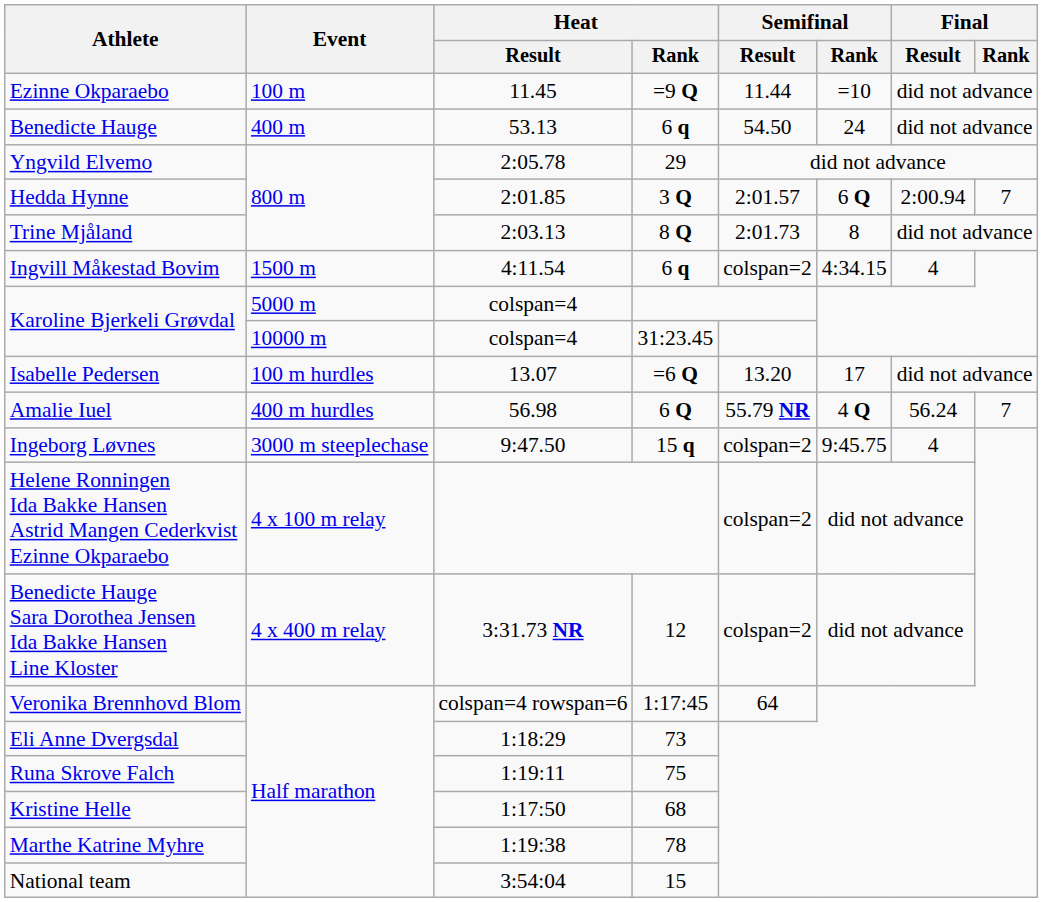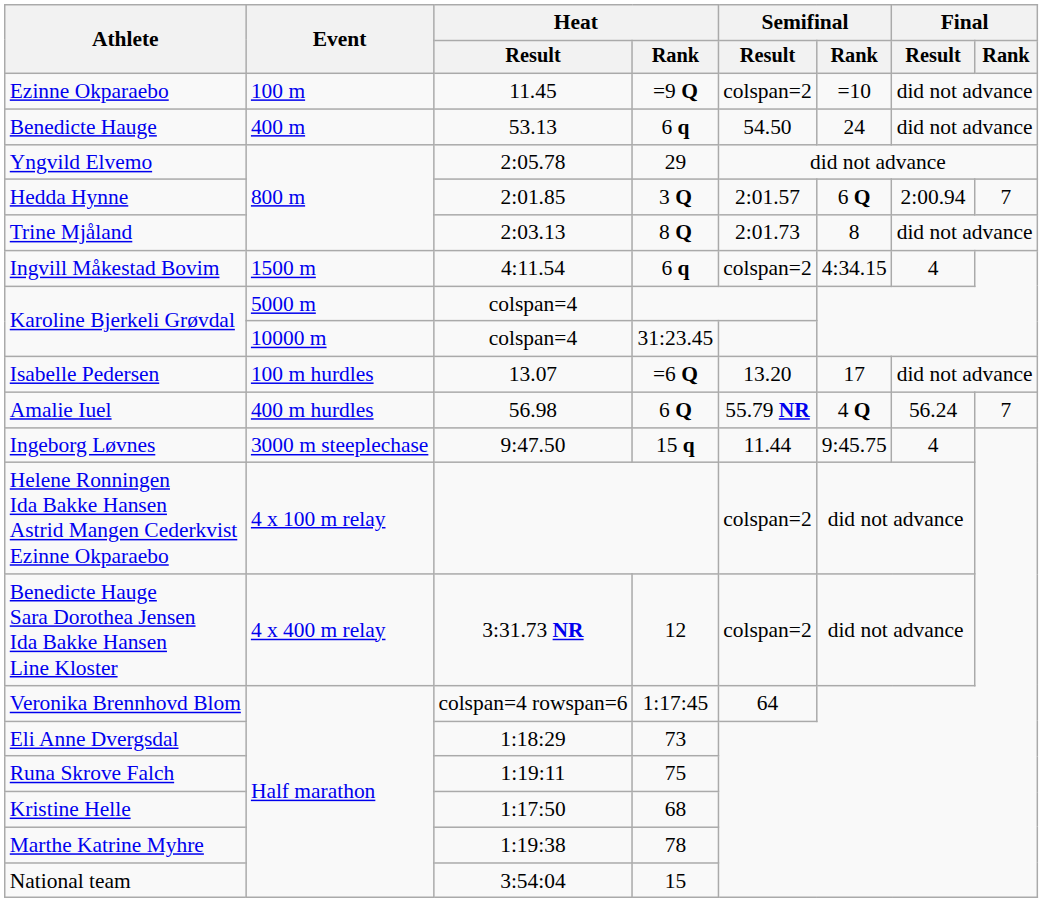 <table class="wikitable" style="font-size:90%">
 <tr>
 <th rowspan=2>Athlete</th>
 <th rowspan=2>Event</th>
 <th colspan=2>Heat</th>
 <th colspan=2>Semifinal</th>
 <th colspan=2>Final</th>
 </tr>
 <tr style="font-size:95%">
 <th>Result</th>
 <th>Rank</th>
 <th>Result</th>
 <th>Rank</th>
 <th>Result</th>
 <th>Rank</th>
 </tr>
 <tr align=center>
 <td align=left><a href='#'>Ezinne Okparaebo</a></td>
 <td style="text-align:left;"><a href='#'>100 m</a></td>
 <td>11.45</td>
 <td>=9 <strong>Q</strong></td>
-<td>11.44</td>
+<td>colspan=2 </td>
 <td>=10</td>
 <td colspan=2>did not advance</td>
 </tr>
 <tr align=center>
 <td align=left><a href='#'>Benedicte Hauge</a></td>
 <td style="text-align:left;"><a href='#'>400 m</a></td>
 <td>53.13 <strong></strong></td>
 <td>6 <strong>q</strong></td>
 <td>54.50</td>
 <td>24</td>
 <td colspan=2>did not advance</td>
 </tr>
 <tr align=center>
 <td align=left><a href='#'>Yngvild Elvemo</a></td>
 <td style="text-align:left;" rowspan=3><a href='#'>800 m</a></td>
 <td>2:05.78</td>
 <td>29</td>
 <td colspan=4>did not advance</td>
 </tr>
 <tr align=center>
 <td align=left><a href='#'>Hedda Hynne</a></td>
 <td>2:01.85</td>
 <td>3 <strong>Q</strong></td>
 <td>2:01.57</td>
 <td>6 <strong>Q</strong></td>
 <td>2:00.94 <strong></strong></td>
 <td>7</td>
 </tr>
 <tr align=center>
 <td align=left><a href='#'>Trine Mjåland</a></td>
 <td>2:03.13</td>
 <td>8 <strong>Q</strong></td>
 <td>2:01.73 <strong></strong></td>
 <td>8</td>
 <td colspan=2>did not advance</td>
 </tr>
 <tr align=center>
 <td align=left><a href='#'>Ingvill Måkestad Bovim</a></td>
 <td style="text-align:left;"><a href='#'>1500 m</a></td>
 <td>4:11.54</td>
 <td>6 <strong>q</strong></td>
 <td>colspan=2 </td>
 <td>4:34.15</td>
 <td>4</td>
 </tr>
 <tr align=center>
 <td align=left rowspan="2"><a href='#'>Karoline Bjerkeli Grøvdal</a></td>
 <td style="text-align:left;"><a href='#'>5000 m</a></td>
 <td>colspan=4 </td>
 <td colspan=2></td>
 </tr>
 <tr align=center>
 <td style="text-align:left;"><a href='#'>10000 m</a></td>
 <td>colspan=4 </td>
 <td>31:23.45 <strong></strong></td>
 <td></td>
 </tr>
 <tr align=center>
 <td align=left><a href='#'>Isabelle Pedersen</a></td>
 <td style="text-align:left;"><a href='#'>100 m hurdles</a></td>
 <td>13.07 <strong></strong></td>
 <td>=6 <strong>Q</strong></td>
 <td>13.20</td>
 <td>17</td>
 <td colspan=2>did not advance</td>
 </tr>
 <tr align=center>
 <td align=left><a href='#'>Amalie Iuel</a></td>
 <td style="text-align:left;"><a href='#'>400 m hurdles</a></td>
 <td>56.98</td>
 <td>6 <strong>Q</strong></td>
 <td>55.79 <strong><a href='#'>NR</a></strong></td>
 <td>4 <strong>Q</strong></td>
 <td>56.24</td>
 <td>7</td>
 </tr>
 <tr align=center>
 <td align=left><a href='#'>Ingeborg Løvnes</a></td>
 <td style="text-align:left;"><a href='#'>3000 m steeplechase</a></td>
 <td>9:47.50</td>
 <td>15 <strong>q</strong></td>
-<td>colspan=2 </td>
+<td>11.44</td>
 <td>9:45.75</td>
 <td>4</td>
 </tr>
 <tr align=center>
 <td align=left><a href='#'>Helene Ronningen</a><br><a href='#'>Ida Bakke Hansen</a><br><a href='#'>Astrid Mangen Cederkvist</a><br><a href='#'>Ezinne Okparaebo</a></td>
 <td style="text-align:left;"><a href='#'>4 x 100 m relay</a></td>
 <td colspan=2></td>
 <td>colspan=2 </td>
 <td colspan=2>did not advance</td>
 </tr>
 <tr align=center>
 <td align=left><a href='#'>Benedicte Hauge</a><br><a href='#'>Sara Dorothea Jensen</a><br><a href='#'>Ida Bakke Hansen</a><br><a href='#'>Line Kloster</a></td>
 <td style="text-align:left;"><a href='#'>4 x 400 m relay</a></td>
 <td>3:31.73 <strong><a href='#'>NR</a></strong></td>
 <td>12</td>
 <td>colspan=2 </td>
 <td colspan=2>did not advance</td>
 </tr>
 <tr align=center>
 <td align=left><a href='#'>Veronika Brennhovd Blom</a></td>
 <td style="text-align:left;" rowspan=6><a href='#'>Half marathon</a></td>
 <td>colspan=4 rowspan=6 </td>
 <td>1:17:45</td>
 <td>64</td>
 </tr>
 <tr align=center>
 <td align=left><a href='#'>Eli Anne Dvergsdal</a></td>
 <td>1:18:29 <strong></strong></td>
 <td>73</td>
 </tr>
 <tr align=center>
 <td align=left><a href='#'>Runa Skrove Falch</a></td>
 <td>1:19:11</td>
 <td>75</td>
 </tr>
 <tr align=center>
 <td align=left><a href='#'>Kristine Helle</a></td>
 <td>1:17:50 <strong></strong></td>
 <td>68</td>
 </tr>
 <tr align=center>
 <td align=left><a href='#'>Marthe Katrine Myhre</a></td>
 <td>1:19:38</td>
 <td>78</td>
 </tr>
 <tr align=center>
 <td align=left>National team</td>
 <td>3:54:04</td>
 <td>15</td>
 </tr>
 </table>
